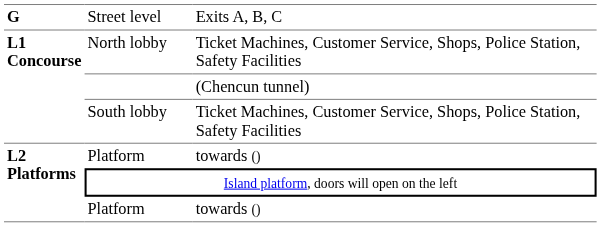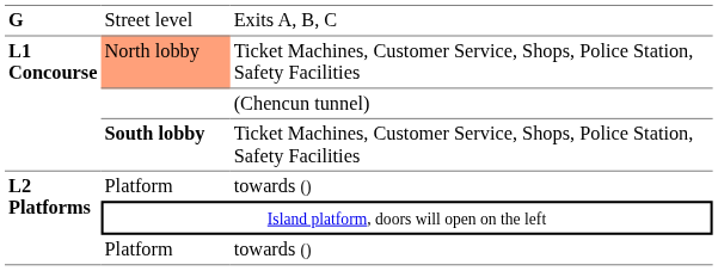 <table table border=0 cellspacing=0 cellpadding=3>
 <tr>
 <td style="border-top:solid 1px gray;" width=50 valign=top><strong>G</strong></td>
 <td style="border-top:solid 1px gray;" width=100 valign=top>Street level</td>
 <td style="border-top:solid 1px gray;" width=390 valign=top>Exits A, B, C</td>
 </tr>
 <tr>
 <td style="border-bottom:solid 1px gray; border-top:solid 1px gray;" valign=top rowspan=3><strong>L1<br>Concourse</strong></td>
-<td style="border-bottom:solid 1px gray; border-top:solid 1px gray;" valign=top>North lobby</td>
+<td style="background: lightsalmon; border-bottom:solid 1px gray; border-top:solid 1px gray;" valign=top>North lobby</td>
 <td style="border-bottom:solid 1px gray; border-top:solid 1px gray;" valign=top>Ticket Machines, Customer Service, Shops, Police Station, Safety Facilities</td>
 </tr>
 <tr>
 <td style="border-bottom:solid 1px gray;"></td>
 <td style="border-bottom:solid 1px gray;" valign=top>(Chencun tunnel)</td>
 </tr>
 <tr>
-<td style="border-bottom:solid 1px gray;" valign=top>South lobby</td>
+<td style="border-bottom:solid 1px gray;" valign=top><strong>South lobby</strong></td>
 <td style="border-bottom:solid 1px gray;" valign=top>Ticket Machines, Customer Service, Shops, Police Station, Safety Facilities</td>
 </tr>
 <tr>
 <td style="border-bottom:solid 1px gray;" rowspan=3 valign=top><strong>L2<br>Platforms</strong></td>
 <td>Platform </td>
 <td>   towards  <small>()</small></td>
 </tr>
 <tr>
 <td style="border-right:solid 2px black;border-left:solid 2px black;border-top:solid 2px black;border-bottom:solid 2px black;text-align:center;" colspan=2><small><a href='#'>Island platform</a>, doors will open on the left</small></td>
 </tr>
 <tr>
 <td style="border-bottom:solid 1px gray;">Platform </td>
 <td style="border-bottom:solid 1px gray;">  towards  <small>()</small> </td>
 </tr>
 </table>
